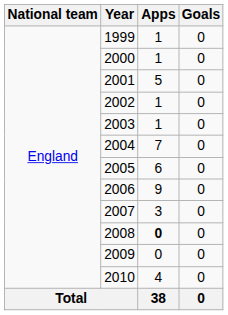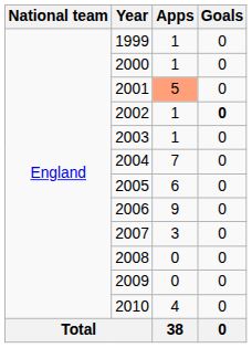 <table class=wikitable style="text-align: center;">
 <tr>
 <th>National team</th>
 <th>Year</th>
 <th>Apps</th>
 <th>Goals</th>
 </tr>
 <tr>
 <td rowspan="12"><a href='#'>England</a></td>
 <td>1999</td>
 <td>1</td>
 <td>0</td>
 </tr>
 <tr>
 <td>2000</td>
 <td>1</td>
 <td>0</td>
 </tr>
 <tr>
 <td>2001</td>
-<td>5</td>
+<td style="background: lightsalmon;">5</td>
 <td>0</td>
 </tr>
 <tr>
 <td>2002</td>
 <td>1</td>
-<td>0</td>
+<td><strong>0</strong></td>
 </tr>
 <tr>
 <td>2003</td>
 <td>1</td>
 <td>0</td>
 </tr>
 <tr>
 <td>2004</td>
 <td>7</td>
 <td>0</td>
 </tr>
 <tr>
 <td>2005</td>
 <td>6</td>
 <td>0</td>
 </tr>
 <tr>
 <td>2006</td>
 <td>9</td>
 <td>0</td>
 </tr>
 <tr>
 <td>2007</td>
 <td>3</td>
 <td>0</td>
 </tr>
 <tr>
 <td>2008</td>
-<td><strong>0</strong></td>
+<td>0</td>
 <td>0</td>
 </tr>
 <tr>
 <td>2009</td>
 <td>0</td>
 <td>0</td>
 </tr>
 <tr>
 <td>2010</td>
 <td>4</td>
 <td>0</td>
 </tr>
 <tr>
 <th colspan=2>Total</th>
 <th>38</th>
 <th>0</th>
 </tr>
 </table>
